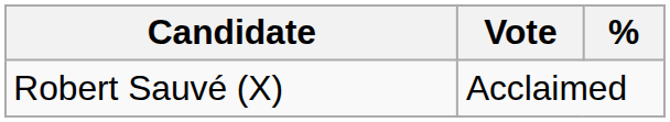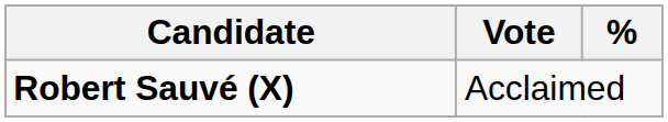 <table class="wikitable">
 <tr>
 <th bgcolor="#DDDDFF" width="200px">Candidate</th>
 <th bgcolor="#DDDDFF" width="50px">Vote</th>
 <th bgcolor="#DDDDFF" width="30px">%</th>
 </tr>
 <tr>
-<td>Robert Sauvé (X)</td>
+<td><strong>Robert Sauvé (X)</strong></td>
 <td colspan="2">Acclaimed</td>
 </tr>
 </table>
